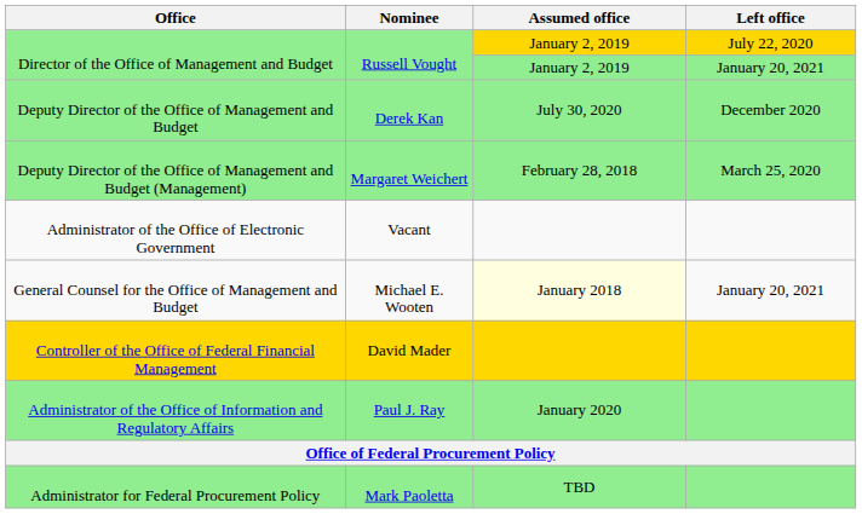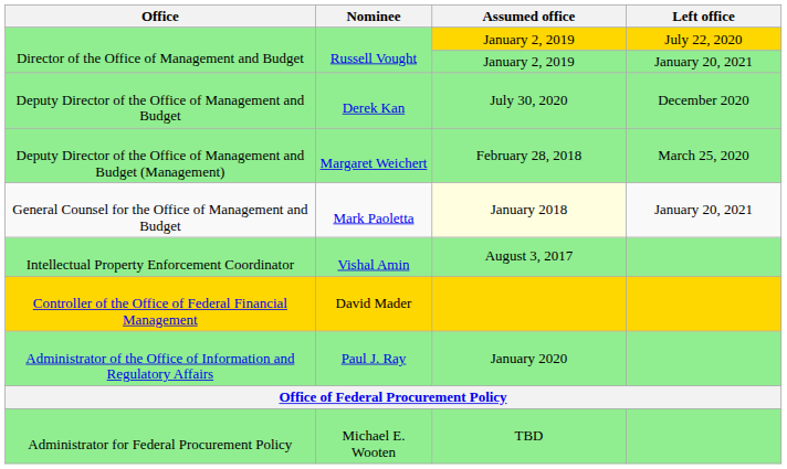 <table class="wikitable sortable" style="text-align:center">
 <tr>
 <th style="width:40%;">Office</th>
 <th style="width:15%;">Nominee</th>
 <th style="width:25%;" data-sort- type="date">Assumed office</th>
 <th style="width:20%;" data-sort- type="date">Left office</th>
 </tr>
 <tr style="background:lightgreen;">
 <td rowspan="2"><br>Director of the Office of Management and Budget</td>
 <td rowspan="2"><br><a href='#'>Russell Vought</a></td>
 <td style="background:gold;">January 2, 2019</td>
 <td style="background:gold;">July 22, 2020</td>
 </tr>
 <tr style="background:lightgreen">
 <td>January 2, 2019<br></td>
 <td>January 20, 2021</td>
 </tr>
 <tr style="background:lightgreen;">
 <td><br>Deputy Director of the Office of Management and Budget</td>
 <td><br><a href='#'>Derek Kan</a></td>
 <td>July 30, 2020<br></td>
 <td>December 2020</td>
 </tr>
 <tr style="background:lightgreen;">
 <td><br>Deputy Director of the Office of Management and Budget (Management)</td>
 <td><br><a href='#'>Margaret Weichert</a></td>
 <td>February 28, 2018<br></td>
 <td>March 25, 2020</td>
 </tr>
 <tr>
-<td><br>Administrator of the Office of Electronic Government</td>
-<td>Vacant</td>
-<td></td>
-<td></td>
-</tr>
-<tr>
 <td><br>General Counsel for the Office of Management and Budget</td>
-<td><br>Michael E. Wooten</td>
+<td><br><a href='#'>Mark Paoletta</a></td>
 <td style="background: lightyellow;">January 2018</td>
 <td>January 20, 2021</td>
+</tr>
+<tr style="background:lightgreen;">
+<td><br>Intellectual Property Enforcement Coordinator</td>
+<td><br><a href='#'>Vishal Amin</a></td>
+<td>August 3, 2017<br></td>
+<td></td>
 </tr>
 <tr style="background:gold;">
 <td><br><a href='#'>Controller of the Office of Federal Financial Management</a></td>
 <td>David Mader</td>
 <td></td>
 <td></td>
 </tr>
 <tr style="background:lightgreen;">
 <td><br><a href='#'>Administrator of the Office of Information and Regulatory Affairs</a></td>
 <td><a href='#'>Paul J. Ray</a></td>
 <td>January 2020<br></td>
 <td></td>
 </tr>
 <tr>
 <th colspan="4"><a href='#'>Office of Federal Procurement Policy</a></th>
 </tr>
 <tr style="background:lightgreen;">
 <td><br>Administrator for Federal Procurement Policy</td>
-<td><br><a href='#'>Mark Paoletta</a></td>
+<td><br>Michael E. Wooten</td>
 <td>TBD<br></td>
 <td></td>
 </tr>
 </table>
